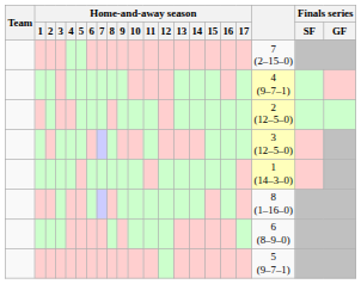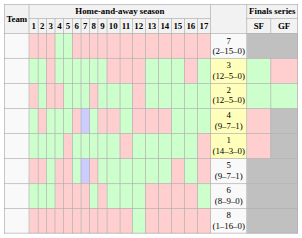 <table class="wikitable sortable" style="font-size:85%; text-align:center">
 <tr>
 <th rowspan=2>Team</th>
 <th colspan=17>Home-and-away season</th>
 <th rowspan=2></th>
 <th colspan=2>Finals series</th>
 </tr>
 <tr>
 <th>1</th>
 <th>2</th>
 <th>3</th>
 <th>4</th>
 <th>5</th>
 <th>6</th>
 <th>7</th>
 <th>8</th>
 <th>9</th>
 <th>10</th>
 <th>11</th>
 <th>12</th>
 <th>13</th>
 <th>14</th>
 <th>15</th>
 <th>16</th>
 <th>17</th>
 <th>SF</th>
 <th>GF</th>
 </tr>
 <tr>
 <td align=left></td>
 <td bgcolor=FFCFCF></td>
 <td bgcolor=FFCFCF></td>
 <td bgcolor=FFCFCF><strong></strong></td>
 <td bgcolor=CCFFCC><strong></strong></td>
 <td bgcolor=CCFFCC><strong></strong></td>
 <td bgcolor=FFCFCF></td>
 <td bgcolor=FFCFCF></td>
 <td bgcolor=FFCFCF><strong></strong></td>
 <td bgcolor=FFCFCF><strong></strong></td>
 <td bgcolor=FFCFCF></td>
 <td bgcolor=FFCFCF></td>
 <td bgcolor=FFCFCF></td>
 <td bgcolor=FFCFCF><strong></strong></td>
 <td bgcolor=FFCFCF><strong></strong></td>
 <td bgcolor=FFCFCF><strong></strong></td>
 <td bgcolor=FFCFCF></td>
 <td bgcolor=FFCFCF><strong></strong></td>
 <td>7<br>(2–15–0)</td>
 <td colspan=2 bgcolor=C0C0C0></td>
 </tr>
 <tr>
 <td align=left></td>
 <td bgcolor=CCFFCC></td>
 <td bgcolor=CCFFCC><strong></strong></td>
 <td bgcolor=FFCFCF></td>
 <td bgcolor=CCFFCC><strong></strong></td>
 <td bgcolor=CCFFCC></td>
 <td bgcolor=CCFFCC><strong></strong></td>
 <td bgcolor=CCFFCC></td>
 <td bgcolor=CCFFCC><strong></strong></td>
 <td bgcolor=CCFFCC></td>
 <td bgcolor=FFCFCF><strong></strong></td>
 <td bgcolor=FFCFCF></td>
 <td bgcolor=FFCFCF><strong></strong></td>
 <td bgcolor=CCFFCC></td>
 <td bgcolor=CCFFCC><strong></strong></td>
 <td bgcolor=CCFFCC><strong></strong></td>
 <td bgcolor=FFCFCF></td>
 <td bgcolor=CCFFCC><strong></strong></td>
-<td bgcolor=FFFFBB>4<br>(9–7–1)</td>
+<td bgcolor=FFFFBB>3<br>(12–5–0)</td>
 <td bgcolor=CCFFCC></td>
 <td bgcolor=FFCFCF></td>
 </tr>
 <tr>
 <td align=left></td>
 <td bgcolor=FFCFCF><strong></strong></td>
 <td bgcolor=CCFFCC></td>
 <td bgcolor=FFCFCF><strong></strong></td>
 <td bgcolor=FFCFCF></td>
 <td bgcolor=CCFFCC><strong></strong></td>
 <td bgcolor=CCFFCC></td>
 <td bgcolor=CCFFCC><strong></strong></td>
 <td bgcolor=FFCFCF></td>
 <td bgcolor=CCFFCC><strong></strong></td>
 <td bgcolor=CCFFCC></td>
 <td bgcolor=CCFFCC><strong></strong></td>
 <td bgcolor=FFCFCF></td>
 <td bgcolor=CCFFCC><strong></strong></td>
 <td bgcolor=CCFFCC></td>
 <td bgcolor=CCFFCC></td>
 <td bgcolor=CCFFCC><strong></strong></td>
 <td bgcolor=CCFFCC></td>
 <td bgcolor=FFFFBB>2<br>(12–5–0)</td>
 <td bgcolor=CCFFCC><strong></strong></td>
 <td bgcolor=CCFFCC><strong></strong></td>
 </tr>
 <tr>
 <td align=left></td>
 <td bgcolor=CCFFCC><strong></strong></td>
 <td bgcolor=FFCFCF><strong></strong></td>
 <td bgcolor=CCFFCC></td>
 <td bgcolor=CCFFCC><strong></strong></td>
 <td bgcolor=CCFFCC></td>
 <td bgcolor=FFCFCF></td>
 <td bgcolor=CCCCFF><strong></strong></td>
 <td bgcolor=CCFFCC></td>
 <td bgcolor=FFCFCF></td>
 <td bgcolor=FFCFCF><strong></strong></td>
 <td bgcolor=CCFFCC></td>
 <td bgcolor=FFCFCF><strong></strong></td>
 <td bgcolor=FFCFCF><strong></strong></td>
 <td bgcolor=FFCFCF></td>
 <td bgcolor=CCFFCC></td>
 <td bgcolor=CCFFCC><strong></strong></td>
 <td bgcolor=CCFFCC><strong></strong></td>
-<td bgcolor=FFFFBB>3<br>(12–5–0)</td>
+<td bgcolor=FFFFBB>4<br>(9–7–1)</td>
 <td bgcolor=FFCFCF></td>
 <td bgcolor=C0C0C0></td>
 </tr>
 <tr>
 <td align=left></td>
 <td bgcolor=CCFFCC><strong></strong></td>
 <td bgcolor=CCFFCC></td>
 <td bgcolor=CCFFCC></td>
 <td bgcolor=CCFFCC><strong></strong></td>
 <td bgcolor=FFCFCF><strong></strong></td>
 <td bgcolor=CCFFCC></td>
 <td bgcolor=CCFFCC><strong></strong></td>
 <td bgcolor=CCFFCC></td>
 <td bgcolor=CCFFCC><strong></strong></td>
 <td bgcolor=CCFFCC><strong></strong></td>
 <td bgcolor=FFCFCF></td>
 <td bgcolor=CCFFCC></td>
 <td bgcolor=CCFFCC><strong></strong></td>
 <td bgcolor=CCFFCC></td>
 <td bgcolor=CCFFCC></td>
 <td bgcolor=CCFFCC><strong></strong></td>
 <td bgcolor=FFCFCF><strong></strong></td>
 <td bgcolor=FFFFBB>1<br>(14–3–0)</td>
 <td bgcolor=FFCFCF><strong></strong></td>
 <td bgcolor=C0C0C0></td>
 </tr>
 <tr>
 <td align=left></td>
 <td bgcolor=FFCFCF></td>
 <td bgcolor=FFCFCF><strong></strong></td>
 <td bgcolor=CCFFCC><strong></strong></td>
 <td bgcolor=FFCFCF></td>
 <td bgcolor=FFCFCF></td>
 <td bgcolor=CCFFCC><strong></strong></td>
 <td bgcolor=CCCCFF></td>
 <td bgcolor=FFCFCF><strong></strong></td>
 <td bgcolor=CCFFCC></td>
 <td bgcolor=CCFFCC></td>
 <td bgcolor=CCFFCC><strong></strong></td>
 <td bgcolor=CCFFCC><strong></strong></td>
 <td bgcolor=CCFFCC></td>
 <td bgcolor=CCFFCC><strong></strong></td>
 <td bgcolor=FFCFCF></td>
 <td bgcolor=CCFFCC><strong></strong></td>
 <td bgcolor=FFCFCF></td>
-<td>8<br>(1–16–0)</td>
+<td>5<br>(9–7–1)</td>
 <td colspan=2 bgcolor=C0C0C0></td>
 </tr>
 <tr>
 <td align=left></td>
 <td bgcolor=CCFFCC></td>
 <td bgcolor=CCFFCC></td>
 <td bgcolor=CCFFCC><strong></strong></td>
 <td bgcolor=FFCFCF></td>
 <td bgcolor=FFCFCF><strong></strong></td>
 <td bgcolor=FFCFCF><strong></strong></td>
 <td bgcolor=FFCFCF></td>
 <td bgcolor=CCFFCC><strong></strong></td>
 <td bgcolor=FFCFCF><strong></strong></td>
 <td bgcolor=CCFFCC></td>
 <td bgcolor=CCFFCC><strong></strong></td>
 <td bgcolor=CCFFCC></td>
 <td bgcolor=FFCFCF></td>
 <td bgcolor=FFCFCF><strong></strong></td>
 <td bgcolor=FFCFCF><strong></strong></td>
 <td bgcolor=FFCFCF></td>
 <td bgcolor=CCFFCC></td>
 <td>6<br>(8–9–0)</td>
 <td colspan=2 bgcolor=C0C0C0></td>
 </tr>
 <tr>
 <td align=left></td>
 <td bgcolor=FFCFCF><strong></strong></td>
 <td bgcolor=FFCFCF><strong></strong></td>
 <td bgcolor=FFCFCF></td>
 <td bgcolor=FFCFCF></td>
 <td bgcolor=FFCFCF></td>
 <td bgcolor=FFCFCF><strong></strong></td>
 <td bgcolor=FFCFCF><strong></strong></td>
 <td bgcolor=FFCFCF></td>
 <td bgcolor=FFCFCF></td>
 <td bgcolor=FFCFCF><strong></strong></td>
 <td bgcolor=FFCFCF><strong></strong></td>
 <td bgcolor=CCFFCC><strong></strong></td>
 <td bgcolor=FFCFCF></td>
 <td bgcolor=FFCFCF></td>
 <td bgcolor=FFCFCF><strong></strong></td>
 <td bgcolor=FFCFCF></td>
 <td bgcolor=FFCFCF></td>
-<td>5<br>(9–7–1)</td>
+<td>8<br>(1–16–0)</td>
 <td colspan=2 bgcolor=C0C0C0></td>
 </tr>
 </table>
